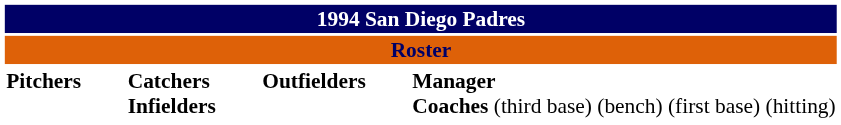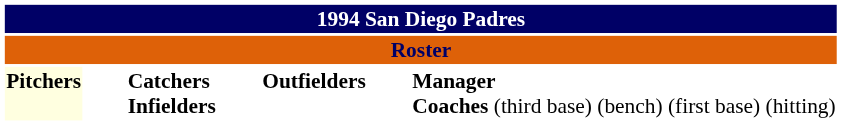 <table class="toccolours" style="font-size: 95%;">
 <tr>
 <th colspan="10" style="background-color: #000066;; color: #FFFFFF; text-align: center;">1994 San Diego Padres</th>
 </tr>
 <tr>
 <td colspan="10" style="background-color: #de6108; color: #000066; text-align: center;"><strong>Roster</strong></td>
 </tr>
 <tr>
-<td valign="top"><strong>Pitchers</strong><br>                   </td>
+<td valign="top" style="background: lightyellow;"><strong>Pitchers</strong><br>                   </td>
 <td width="25px"></td>
 <td valign="top"><strong>Catchers</strong><br>  <strong>Infielders</strong>            </td>
 <td width="25px"></td>
 <td valign="top"><strong>Outfielders</strong><br>     </td>
 <td width="25px"></td>
 <td valign="top"><strong>Manager</strong><br> <strong>Coaches</strong>   (third base)  (bench)  (first base)  (hitting) </td>
 </tr>
 </table>
